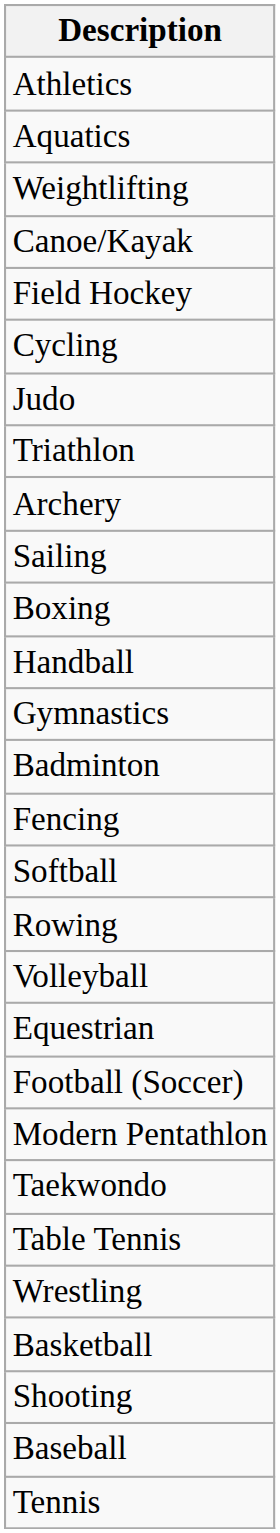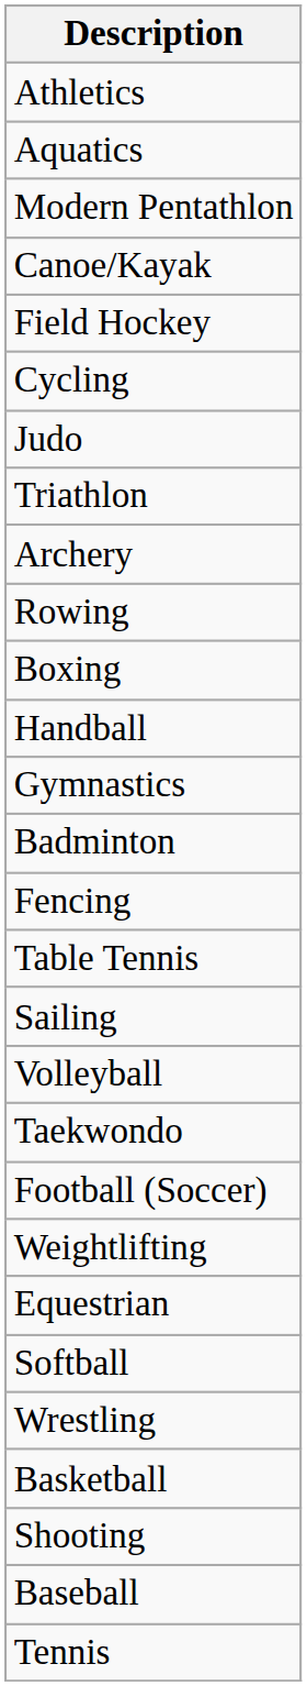 <table class="wikitable">
 <tr>
 <th>Description</th>
 </tr>
 <tr>
 <td>Athletics</td>
 </tr>
 <tr>
 <td>Aquatics</td>
 </tr>
 <tr>
-<td>Weightlifting</td>
+<td>Modern Pentathlon</td>
 </tr>
 <tr>
 <td>Canoe/Kayak</td>
 </tr>
 <tr>
 <td>Field Hockey</td>
 </tr>
 <tr>
 <td>Cycling</td>
 </tr>
 <tr>
 <td>Judo</td>
 </tr>
 <tr>
 <td>Triathlon</td>
 </tr>
 <tr>
 <td>Archery</td>
 </tr>
 <tr>
-<td>Sailing</td>
+<td>Rowing</td>
 </tr>
 <tr>
 <td>Boxing</td>
 </tr>
 <tr>
 <td>Handball</td>
 </tr>
 <tr>
 <td>Gymnastics</td>
 </tr>
 <tr>
 <td>Badminton</td>
 </tr>
 <tr>
 <td>Fencing</td>
 </tr>
 <tr>
-<td>Softball</td>
+<td>Table Tennis</td>
 </tr>
 <tr>
-<td>Rowing</td>
+<td>Sailing</td>
 </tr>
 <tr>
 <td>Volleyball</td>
 </tr>
 <tr>
-<td>Equestrian</td>
+<td>Taekwondo</td>
 </tr>
 <tr>
 <td>Football (Soccer)</td>
 </tr>
 <tr>
-<td>Modern Pentathlon</td>
+<td>Weightlifting</td>
 </tr>
 <tr>
-<td>Taekwondo</td>
+<td>Equestrian</td>
 </tr>
 <tr>
-<td>Table Tennis</td>
+<td>Softball</td>
 </tr>
 <tr>
 <td>Wrestling</td>
 </tr>
 <tr>
 <td>Basketball</td>
 </tr>
 <tr>
 <td>Shooting</td>
 </tr>
 <tr>
 <td>Baseball</td>
 </tr>
 <tr>
 <td>Tennis</td>
 </tr>
 <tr>
 </tr>
 </table>
